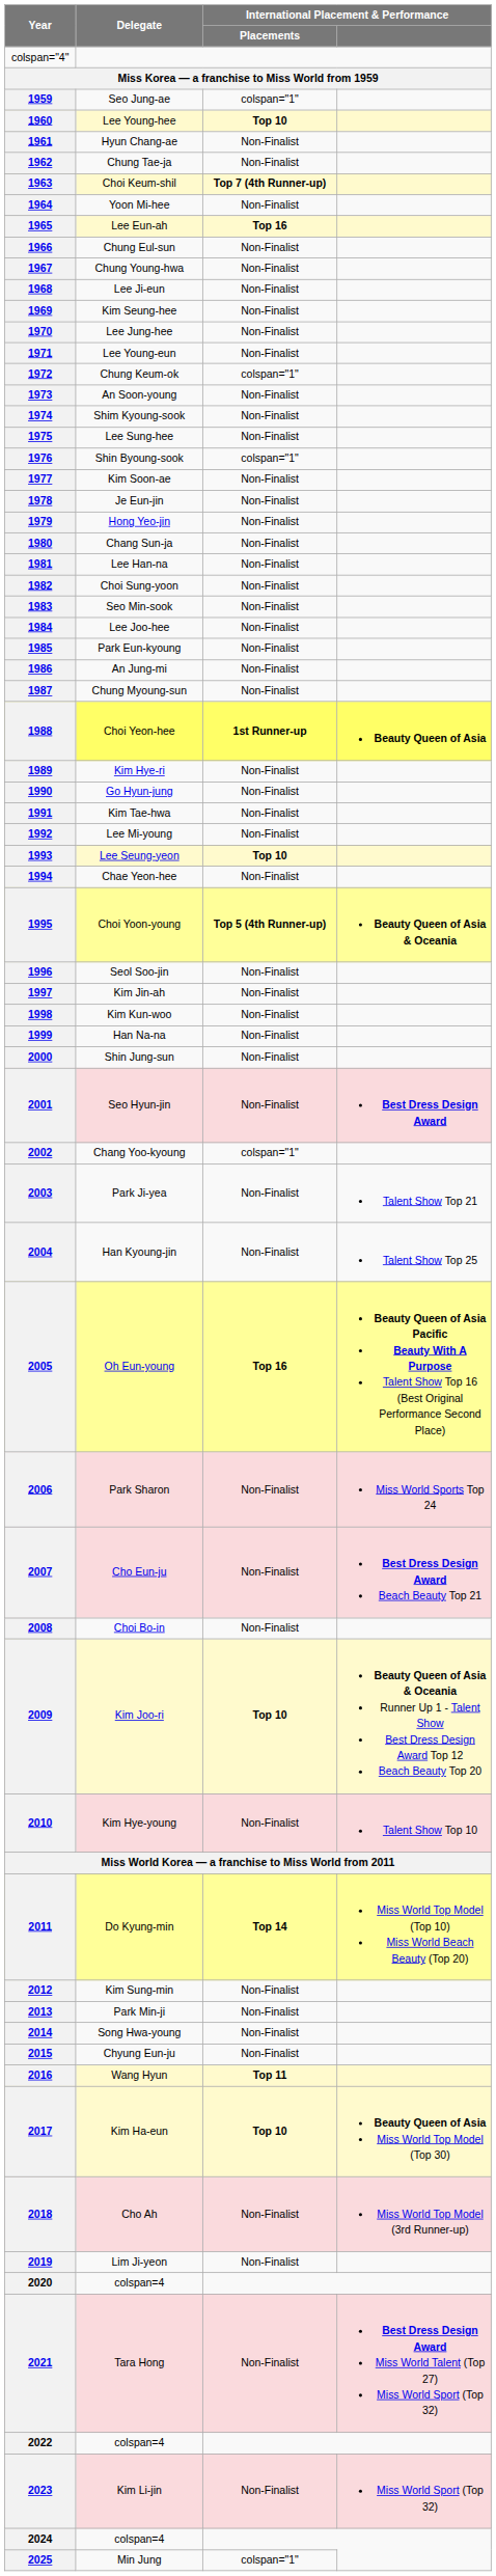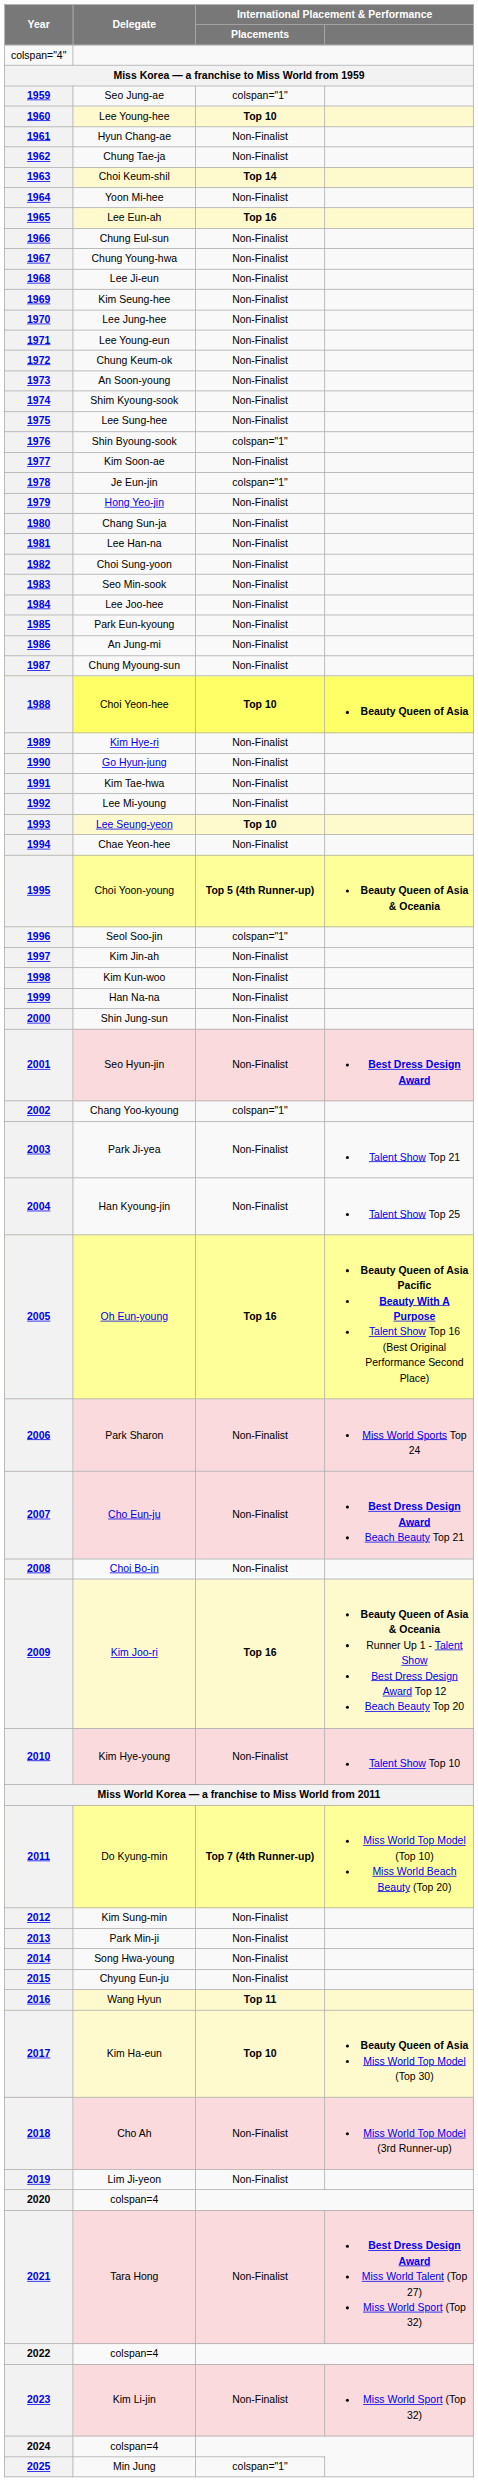 <table class="wikitable" style="text-align:center; line-height:20px; font-size:85%;">
 <tr>
 <th rowspan="2"  width=100px style="background-color:#787878;color:#FFFFFF;">Year</th>
 <th rowspan="2"  width=300px style="background-color:#787878;color:#FFFFFF;">Delegate</th>
 <th colspan="2"  width=100px style="background-color:#787878;color:#FFFFFF;">International Placement & Performance</th>
 </tr>
 <tr>
 <th width=300px style="background-color:#787878;color:#FFFFFF;">Placements</th>
 <th width=300px style="background-color:#787878;color:#FFFFFF;"></th>
 </tr>
 <tr>
 <td>colspan="4"</td>
 </tr>
 <tr>
 <th colspan="4">Miss Korea — a franchise to Miss World from 1959</th>
 </tr>
 <tr>
 <th><a href='#'>1959</a></th>
 <td>Seo Jung-ae</td>
 <td>colspan="1" </td>
 <td></td>
 </tr>
 <tr style="background-color:#FFFACD;">
 <th><a href='#'>1960</a></th>
 <td>Lee Young-hee</td>
 <td><strong>Top 10</strong></td>
 <td></td>
 </tr>
 <tr>
 <th><a href='#'>1961</a></th>
 <td>Hyun Chang-ae</td>
 <td>Non-Finalist</td>
 <td></td>
 </tr>
 <tr>
 <th><a href='#'>1962</a></th>
 <td>Chung Tae-ja</td>
 <td>Non-Finalist</td>
 <td></td>
 </tr>
 <tr style="background-color:#FFFACD; ">
 <th><a href='#'>1963</a></th>
 <td>Choi Keum-shil</td>
-<td><strong>Top 7 (4th Runner-up)</strong></td>
+<td><strong>Top 14</strong></td>
 <td></td>
 </tr>
 <tr>
 <th><a href='#'>1964</a></th>
 <td>Yoon Mi-hee</td>
 <td>Non-Finalist</td>
 <td></td>
 </tr>
 <tr style="background-color:#FFFACD; ">
 <th><a href='#'>1965</a></th>
 <td>Lee Eun-ah</td>
 <td><strong>Top 16</strong></td>
 <td></td>
 </tr>
 <tr>
 <th><a href='#'>1966</a></th>
 <td>Chung Eul-sun</td>
 <td>Non-Finalist</td>
 <td></td>
 </tr>
 <tr>
 <th><a href='#'>1967</a></th>
 <td>Chung Young-hwa</td>
 <td>Non-Finalist</td>
 <td></td>
 </tr>
 <tr>
 <th><a href='#'>1968</a></th>
 <td>Lee Ji-eun</td>
 <td>Non-Finalist</td>
 <td></td>
 </tr>
 <tr>
 <th><a href='#'>1969</a></th>
 <td>Kim Seung-hee</td>
 <td>Non-Finalist</td>
 <td></td>
 </tr>
 <tr>
 <th><a href='#'>1970</a></th>
 <td>Lee Jung-hee</td>
 <td>Non-Finalist</td>
 <td></td>
 </tr>
 <tr>
 <th><a href='#'>1971</a></th>
 <td>Lee Young-eun</td>
 <td>Non-Finalist</td>
 <td></td>
 </tr>
 <tr>
 <th><a href='#'>1972</a></th>
 <td>Chung Keum-ok</td>
-<td>colspan="1" </td>
+<td>Non-Finalist</td>
 </tr>
 <tr>
 <th><a href='#'>1973</a></th>
 <td>An Soon-young</td>
 <td>Non-Finalist</td>
 <td></td>
 </tr>
 <tr>
 <th><a href='#'>1974</a></th>
 <td>Shim Kyoung-sook</td>
 <td>Non-Finalist</td>
 <td></td>
 </tr>
 <tr>
 <th><a href='#'>1975</a></th>
 <td>Lee Sung-hee</td>
 <td>Non-Finalist</td>
 <td></td>
 </tr>
 <tr>
 <th><a href='#'>1976</a></th>
 <td>Shin Byoung-sook</td>
 <td>colspan="1" </td>
 <td></td>
 </tr>
 <tr>
 <th><a href='#'>1977</a></th>
 <td>Kim Soon-ae</td>
 <td>Non-Finalist</td>
 <td></td>
 </tr>
 <tr>
 <th><a href='#'>1978</a></th>
 <td>Je Eun-jin</td>
-<td>Non-Finalist</td>
+<td>colspan="1" </td>
 <td></td>
 </tr>
 <tr>
 <th><a href='#'>1979</a></th>
 <td><a href='#'>Hong Yeo-jin</a></td>
 <td>Non-Finalist</td>
 <td></td>
 </tr>
 <tr>
 <th><a href='#'>1980</a></th>
 <td>Chang Sun-ja</td>
 <td>Non-Finalist</td>
 <td></td>
 </tr>
 <tr>
 <th><a href='#'>1981</a></th>
 <td>Lee Han-na</td>
 <td>Non-Finalist</td>
 <td></td>
 </tr>
 <tr>
 <th><a href='#'>1982</a></th>
 <td>Choi Sung-yoon</td>
 <td>Non-Finalist</td>
 <td></td>
 </tr>
 <tr>
 <th><a href='#'>1983</a></th>
 <td>Seo Min-sook</td>
 <td>Non-Finalist</td>
 <td></td>
 </tr>
 <tr>
 <th><a href='#'>1984</a></th>
 <td>Lee Joo-hee</td>
 <td>Non-Finalist</td>
 <td></td>
 </tr>
 <tr>
 <th><a href='#'>1985</a></th>
 <td>Park Eun-kyoung</td>
 <td>Non-Finalist</td>
 <td></td>
 </tr>
 <tr>
 <th><a href='#'>1986</a></th>
 <td>An Jung-mi</td>
 <td>Non-Finalist</td>
 <td></td>
 </tr>
 <tr>
 <th><a href='#'>1987</a></th>
 <td>Chung Myoung-sun</td>
 <td>Non-Finalist</td>
 <td></td>
 </tr>
 <tr style="background-color:#FFFF66; ">
 <th><a href='#'>1988</a></th>
 <td>Choi Yeon-hee</td>
-<td><strong>1st Runner-up</strong></td>
+<td><strong>Top 10</strong></td>
 <td><br><ul><li><strong>Beauty Queen of Asia</strong></li></ul></td>
 </tr>
 <tr>
 <th><a href='#'>1989</a></th>
 <td><a href='#'>Kim Hye-ri</a></td>
 <td>Non-Finalist</td>
 <td></td>
 </tr>
 <tr>
 <th><a href='#'>1990</a></th>
 <td><a href='#'>Go Hyun-jung</a></td>
 <td>Non-Finalist</td>
 <td></td>
 </tr>
 <tr>
 <th><a href='#'>1991</a></th>
 <td>Kim Tae-hwa</td>
 <td>Non-Finalist</td>
 <td></td>
 </tr>
 <tr>
 <th><a href='#'>1992</a></th>
 <td>Lee Mi-young</td>
 <td>Non-Finalist</td>
 <td></td>
 </tr>
 <tr style="background-color:#FFFACD; ">
 <th><a href='#'>1993</a></th>
 <td><a href='#'>Lee Seung-yeon</a></td>
 <td><strong>Top 10</strong></td>
 <td></td>
 </tr>
 <tr>
 <th><a href='#'>1994</a></th>
 <td>Chae Yeon-hee</td>
 <td>Non-Finalist</td>
 <td></td>
 </tr>
 <tr style="background-color:#FFFF99; ">
 <th><a href='#'>1995</a></th>
 <td>Choi Yoon-young</td>
 <td><strong>Top 5 (4th Runner-up)</strong></td>
 <td><br><ul><li><strong>Beauty Queen of Asia & Oceania</strong></li></ul></td>
 </tr>
 <tr>
 <th><a href='#'>1996</a></th>
 <td>Seol Soo-jin</td>
-<td>Non-Finalist</td>
+<td>colspan="1" </td>
 <td></td>
 </tr>
 <tr>
 <th><a href='#'>1997</a></th>
 <td>Kim Jin-ah</td>
 <td>Non-Finalist</td>
 <td></td>
 </tr>
 <tr>
 <th><a href='#'>1998</a></th>
 <td>Kim Kun-woo</td>
 <td>Non-Finalist</td>
 <td></td>
 </tr>
 <tr>
 <th><a href='#'>1999</a></th>
 <td>Han Na-na</td>
 <td>Non-Finalist</td>
 <td></td>
 </tr>
 <tr>
 <th><a href='#'>2000</a></th>
 <td>Shin Jung-sun</td>
 <td>Non-Finalist</td>
 <td></td>
 </tr>
 <tr style="background-color:#FADADD; ">
 <th><a href='#'>2001</a></th>
 <td>Seo Hyun-jin</td>
 <td>Non-Finalist</td>
 <td><br><ul><li><strong><a href='#'>Best Dress Design Award</a></strong></li></ul></td>
 </tr>
 <tr>
 <th><a href='#'>2002</a></th>
 <td>Chang Yoo-kyoung</td>
 <td>colspan="1"</td>
 </tr>
 <tr -style="background-color:#FADADD; ">
 <th><a href='#'>2003</a></th>
 <td>Park Ji-yea</td>
 <td>Non-Finalist</td>
 <td><br><ul><li><a href='#'>Talent Show</a> Top 21</li></ul></td>
 </tr>
 <tr -style="background-color:#FADADD; ">
 <th><a href='#'>2004</a></th>
 <td>Han Kyoung-jin</td>
 <td>Non-Finalist</td>
 <td><br><ul><li><a href='#'>Talent Show</a> Top 25</li></ul></td>
 </tr>
 <tr style="background-color:#FFFF99; ">
 <th><a href='#'>2005</a></th>
 <td><a href='#'>Oh Eun-young</a></td>
 <td><strong>Top 16</strong></td>
 <td><br><ul><li><strong>Beauty Queen of Asia Pacific</strong></li><li><strong><a href='#'>Beauty With A Purpose</a></strong></li><li><a href='#'>Talent Show</a> Top 16 (Best Original Performance Second Place)</li></ul></td>
 </tr>
 <tr style="background-color:#FADADD; ">
 <th><a href='#'>2006</a></th>
 <td>Park Sharon</td>
 <td>Non-Finalist</td>
 <td><br><ul><li><a href='#'>Miss World Sports</a> Top 24</li></ul></td>
 </tr>
 <tr style="background-color:#FADADD; ">
 <th><a href='#'>2007</a></th>
 <td><a href='#'>Cho Eun-ju</a></td>
 <td>Non-Finalist</td>
 <td><br><ul><li><strong><a href='#'>Best Dress Design Award</a></strong></li><li><a href='#'>Beach Beauty</a> Top 21</li></ul></td>
 </tr>
 <tr>
 <th><a href='#'>2008</a></th>
 <td><a href='#'>Choi Bo-in</a></td>
 <td>Non-Finalist</td>
 <td></td>
 </tr>
 <tr style="background-color:#FFFACD; ">
 <th><a href='#'>2009</a></th>
 <td><a href='#'>Kim Joo-ri</a></td>
-<td><strong>Top 10</strong></td>
+<td><strong>Top 16</strong></td>
 <td><br><ul><li><strong>Beauty Queen of Asia & Oceania</strong></li><li>Runner Up 1 - <a href='#'>Talent Show</a></li><li><a href='#'>Best Dress Design Award</a> Top 12</li><li><a href='#'>Beach Beauty</a> Top 20</li></ul></td>
 </tr>
 <tr style="background-color:#FADADD; ">
 <th><a href='#'>2010</a></th>
 <td>Kim Hye-young</td>
 <td>Non-Finalist</td>
 <td><br><ul><li><a href='#'>Talent Show</a> Top 10</li></ul></td>
 </tr>
 <tr>
 <th colspan="4">Miss World Korea — a franchise to Miss World from 2011</th>
 </tr>
 <tr style="background-color:#FFFF99; ">
 <th><a href='#'>2011</a></th>
 <td>Do Kyung-min</td>
-<td><strong>Top 14</strong></td>
+<td><strong>Top 7 (4th Runner-up)</strong></td>
 <td><br><ul><li><a href='#'>Miss World Top Model</a> (Top 10)</li><li><a href='#'>Miss World Beach Beauty</a> (Top 20)</li></ul></td>
 </tr>
 <tr>
 <th><a href='#'>2012</a></th>
 <td>Kim Sung-min</td>
 <td>Non-Finalist</td>
 <td></td>
 </tr>
 <tr>
 <th><a href='#'>2013</a></th>
 <td>Park Min-ji</td>
 <td>Non-Finalist</td>
 <td></td>
 </tr>
 <tr>
 <th><a href='#'>2014</a></th>
 <td>Song Hwa-young</td>
 <td>Non-Finalist</td>
 <td></td>
 </tr>
 <tr>
 <th><a href='#'>2015</a></th>
 <td>Chyung Eun-ju</td>
 <td>Non-Finalist</td>
 <td></td>
 </tr>
 <tr style="background-color:#FFFACD; ">
 <th><a href='#'>2016</a></th>
 <td>Wang Hyun</td>
 <td><strong>Top 11</strong></td>
 <td></td>
 </tr>
 <tr style="background-color:#FFFACD; ">
 <th><a href='#'>2017</a></th>
 <td>Kim Ha-eun</td>
 <td><strong>Top 10</strong></td>
 <td><br><ul><li><strong>Beauty Queen of Asia</strong></li><li><a href='#'>Miss World Top Model</a> (Top 30)</li></ul></td>
 </tr>
 <tr style="background-color:#FADADD; ">
 <th><a href='#'>2018</a></th>
 <td>Cho Ah</td>
 <td>Non-Finalist</td>
 <td><br><ul><li><a href='#'>Miss World Top Model</a><br>(3rd Runner-up)</li></ul></td>
 </tr>
 <tr>
 <th><a href='#'>2019</a></th>
 <td>Lim Ji-yeon</td>
 <td>Non-Finalist</td>
 <td></td>
 </tr>
 <tr>
 <th>2020</th>
 <td>colspan=4 </td>
 </tr>
 <tr style="background-color:#FADADD; ">
 <th><a href='#'>2021</a></th>
 <td>Tara Hong</td>
 <td>Non-Finalist</td>
 <td><br><ul><li><strong><a href='#'>Best Dress Design Award</a></strong></li><li><a href='#'>Miss World Talent</a> (Top 27)</li><li><a href='#'>Miss World Sport</a> (Top 32)</li></ul></td>
 </tr>
 <tr>
 <th>2022</th>
 <td>colspan=4 </td>
 </tr>
 <tr style="background-color:#FADADD; ">
 <th><a href='#'>2023</a></th>
 <td>Kim Li-jin</td>
 <td>Non-Finalist</td>
 <td><br><ul><li><a href='#'>Miss World Sport</a> (Top 32)</li></ul></td>
 </tr>
 <tr>
 <th>2024</th>
 <td>colspan=4 </td>
 </tr>
 <tr>
 <th><a href='#'>2025</a></th>
 <td>Min Jung</td>
 <td>colspan="1" </td>
 </tr>
 </table>
